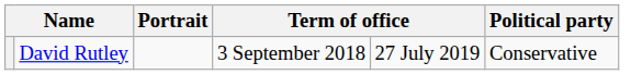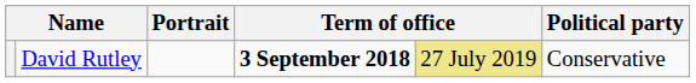 <table class="wikitable">
 <tr>
 <th colspan="2">Name</th>
 <th>Portrait</th>
 <th colspan="2">Term of office</th>
 <th>Political party</th>
 </tr>
 <tr>
 <th style="background-color: "></th>
 <td><a href='#'>David Rutley</a></td>
 <td></td>
-<td>3 September 2018</td>
-<td>27 July 2019</td>
+<td><strong>3 September 2018</strong></td>
+<td style="background: khaki;">27 July 2019</td>
 <td>Conservative</td>
 </tr>
 </table>
